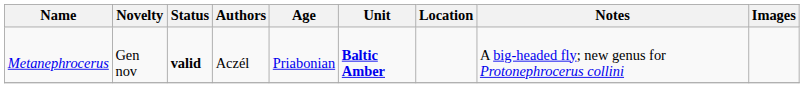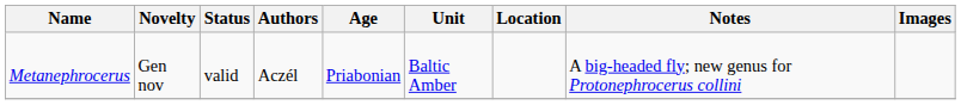 <table class="wikitable sortable" align="center" width="100%">
 <tr>
 <th>Name</th>
 <th>Novelty</th>
 <th>Status</th>
 <th>Authors</th>
 <th>Age</th>
 <th>Unit</th>
 <th>Location</th>
 <th>Notes</th>
 <th>Images</th>
 </tr>
 <tr>
 <td><br><em><a href='#'>Metanephrocerus</a></em></td>
 <td><br>Gen nov</td>
-<td><strong><br>valid</strong></td>
+<td><br>valid</td>
 <td><br>Aczél</td>
 <td><br><a href='#'>Priabonian</a></td>
-<td><strong><br><a href='#'>Baltic Amber</a></strong></td>
+<td><br><a href='#'>Baltic Amber</a></td>
 <td><br></td>
 <td><br>A <a href='#'>big-headed fly</a>; new genus for <em><a href='#'>Protonephrocerus collini</a></em></td>
 <td></td>
 </tr>
 <tr>
 </tr>
 </table>
